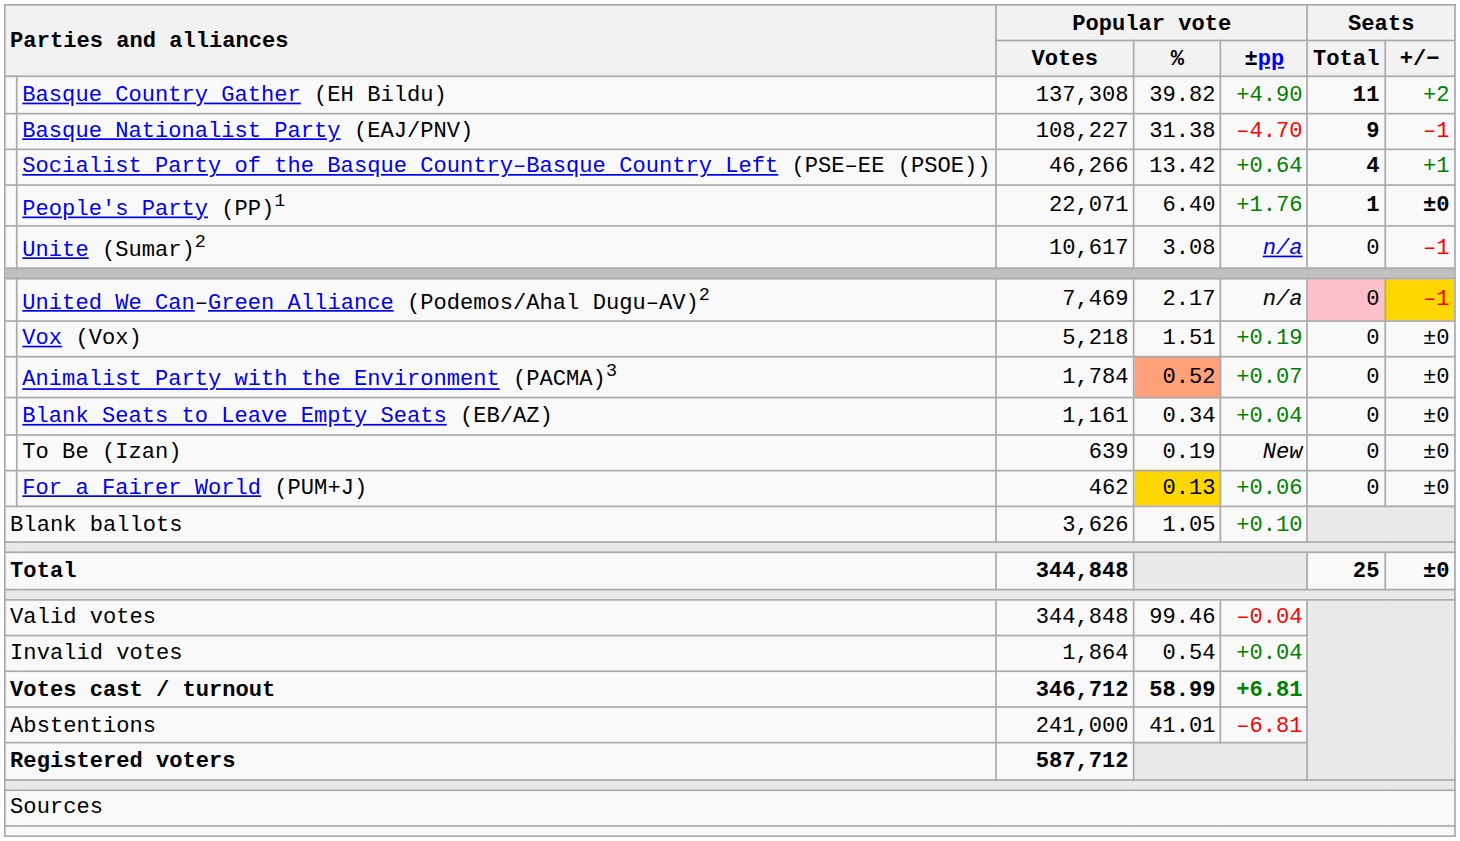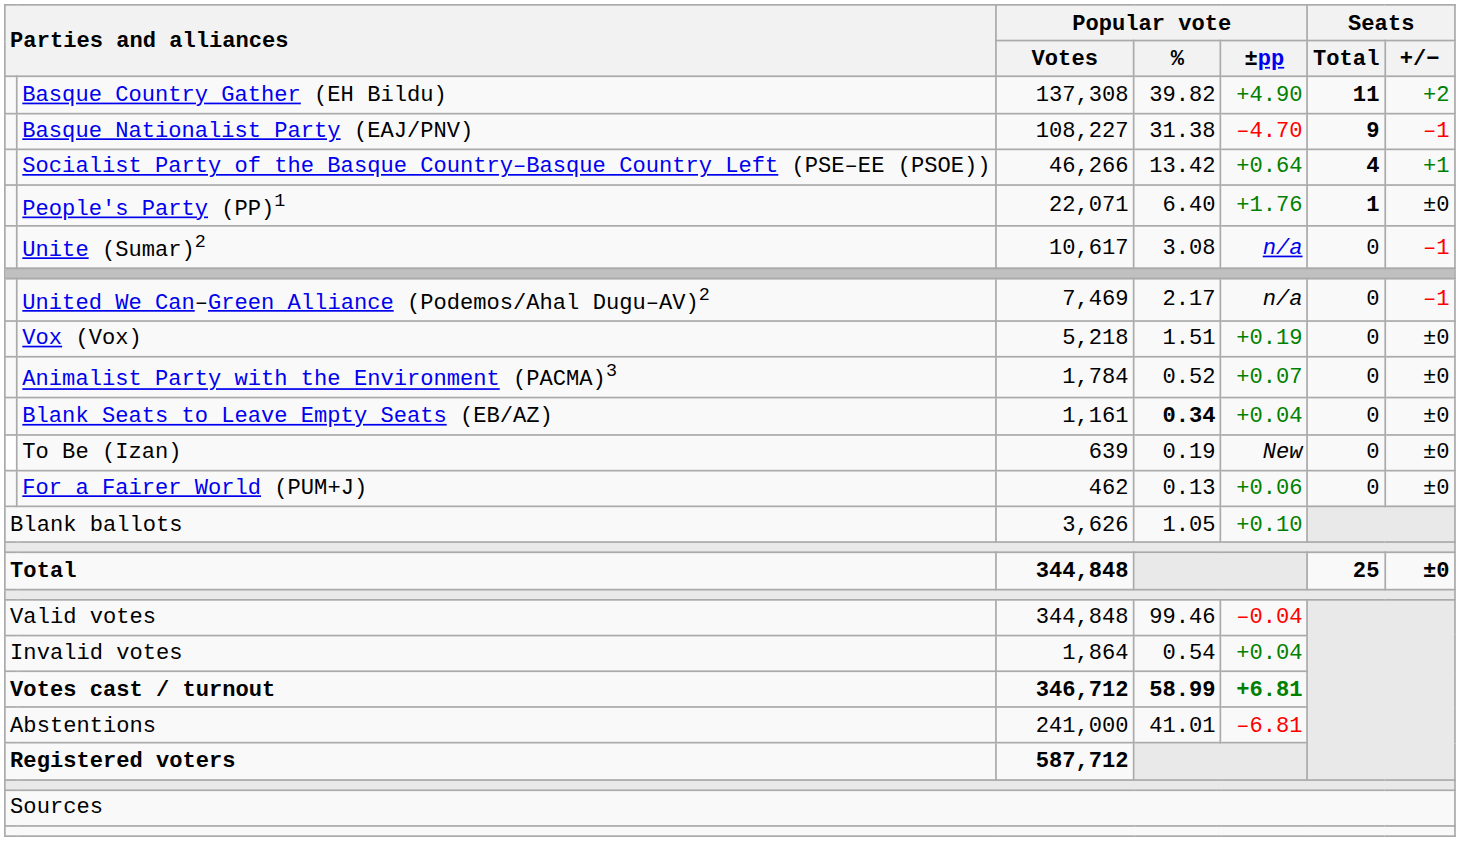 <table class="wikitable" style="text-align:right;">
 <tr>
 <th style="text-align:left;" rowspan="2" colspan="2" width="525">Parties and alliances</th>
 <th colspan="3">Popular vote</th>
 <th colspan="2">Seats</th>
 </tr>
 <tr>
 <th width="75">Votes</th>
 <th width="45">%</th>
 <th width="45">±<a href='#'>pp</a></th>
 <th width="35">Total</th>
 <th width="35">+/−</th>
 </tr>
 <tr>
 <td width="1" style="color:inherit;background:"></td>
 <td align="left"><a href='#'>Basque Country Gather</a> (EH Bildu)</td>
 <td>137,308</td>
 <td>39.82</td>
 <td style="color:green;">+4.90</td>
 <td><strong>11</strong></td>
 <td style="color:green;">+2</td>
 </tr>
 <tr>
 <td style="color:inherit;background:"></td>
 <td align="left"><a href='#'>Basque Nationalist Party</a> (EAJ/PNV)</td>
 <td>108,227</td>
 <td>31.38</td>
 <td style="color:red;">–4.70</td>
 <td><strong>9</strong></td>
 <td style="color:red;">–1</td>
 </tr>
 <tr>
 <td style="color:inherit;background:"></td>
 <td align="left"><a href='#'>Socialist Party of the Basque Country–Basque Country Left</a> (PSE–EE (PSOE))</td>
 <td>46,266</td>
 <td>13.42</td>
 <td style="color:green;">+0.64</td>
 <td><strong>4</strong></td>
 <td style="color:green;">+1</td>
 </tr>
 <tr>
 <td style="color:inherit;background:"></td>
 <td align="left"><a href='#'>People's Party</a> (PP)<sup>1</sup></td>
 <td>22,071</td>
 <td>6.40</td>
 <td style="color:green;">+1.76</td>
 <td><strong>1</strong></td>
-<td><strong>±0</strong></td>
+<td>±0</td>
 </tr>
 <tr>
 <td style="color:inherit;background:"></td>
 <td align="left"><a href='#'>Unite</a> (Sumar)<sup>2</sup></td>
 <td>10,617</td>
 <td>3.08</td>
 <td><em><a href='#'>n/a</a></em></td>
 <td>0</td>
 <td style="color:red;">–1</td>
 </tr>
 <tr>
 <td colspan="7" bgcolor="#C0C0C0"></td>
 </tr>
 <tr>
 <td style="color:inherit;background:"></td>
 <td align="left"><a href='#'>United We Can</a>–<a href='#'>Green Alliance</a> (Podemos/Ahal Dugu–AV)<sup>2</sup></td>
 <td>7,469</td>
 <td>2.17</td>
 <td><em>n/a</em></td>
-<td style="background: pink;">0</td>
-<td style="background: gold; color:red;">–1</td>
+<td>0</td>
+<td style="color:red;">–1</td>
 </tr>
 <tr>
 <td style="color:inherit;background:"></td>
 <td align="left"><a href='#'>Vox</a> (Vox)</td>
 <td>5,218</td>
 <td>1.51</td>
 <td style="color:green;">+0.19</td>
 <td>0</td>
 <td>±0</td>
 </tr>
 <tr>
 <td style="color:inherit;background:"></td>
 <td align="left"><a href='#'>Animalist Party with the Environment</a> (PACMA)<sup>3</sup></td>
 <td>1,784</td>
-<td style="background: lightsalmon;">0.52</td>
+<td>0.52</td>
 <td style="color:green;">+0.07</td>
 <td>0</td>
 <td>±0</td>
 </tr>
 <tr>
 <td style="color:inherit;background:"></td>
 <td align="left"><a href='#'>Blank Seats to Leave Empty Seats</a> (EB/AZ)</td>
 <td>1,161</td>
-<td>0.34</td>
+<td><strong>0.34</strong></td>
 <td style="color:green;">+0.04</td>
 <td>0</td>
 <td>±0</td>
 </tr>
 <tr>
 <td bgcolor="white"></td>
 <td align="left">To Be (Izan)</td>
 <td>639</td>
 <td>0.19</td>
 <td><em>New</em></td>
 <td>0</td>
 <td>±0</td>
 </tr>
 <tr>
 <td style="color:inherit;background:"></td>
 <td align="left"><a href='#'>For a Fairer World</a> (PUM+J)</td>
 <td>462</td>
-<td style="background: gold;">0.13</td>
+<td>0.13</td>
 <td style="color:green;">+0.06</td>
 <td>0</td>
 <td>±0</td>
 </tr>
 <tr>
 <td align="left" colspan="2">Blank ballots</td>
 <td>3,626</td>
 <td>1.05</td>
 <td style="color:green;">+0.10</td>
 <td bgcolor="#E9E9E9" colspan="2"></td>
 </tr>
 <tr>
 <td colspan="7" bgcolor="#E9E9E9"></td>
 </tr>
 <tr style="font-weight:bold;">
 <td align="left" colspan="2">Total</td>
 <td>344,848</td>
 <td bgcolor="#E9E9E9" colspan="2"></td>
 <td>25</td>
 <td>±0</td>
 </tr>
 <tr>
 <td colspan="7" bgcolor="#E9E9E9"></td>
 </tr>
 <tr>
 <td align="left" colspan="2">Valid votes</td>
 <td>344,848</td>
 <td>99.46</td>
 <td style="color:red;">–0.04</td>
 <td bgcolor="#E9E9E9" colspan="2" rowspan="5"></td>
 </tr>
 <tr>
 <td align="left" colspan="2">Invalid votes</td>
 <td>1,864</td>
 <td>0.54</td>
 <td style="color:green;">+0.04</td>
 </tr>
 <tr style="font-weight:bold;">
 <td align="left" colspan="2">Votes cast / turnout</td>
 <td>346,712</td>
 <td>58.99</td>
 <td style="color:green;">+6.81</td>
 </tr>
 <tr>
 <td align="left" colspan="2">Abstentions</td>
 <td>241,000</td>
 <td>41.01</td>
 <td style="color:red;">–6.81</td>
 </tr>
 <tr style="font-weight:bold;">
 <td align="left" colspan="2">Registered voters</td>
 <td>587,712</td>
 <td bgcolor="#E9E9E9" colspan="2"></td>
 </tr>
 <tr>
 <td colspan="7" bgcolor="#E9E9E9"></td>
 </tr>
 <tr>
 <td align="left" colspan="7">Sources</td>
 </tr>
 <tr>
 <td colspan="7" style="text-align:left; max-width:790px;"></td>
 </tr>
 </table>
